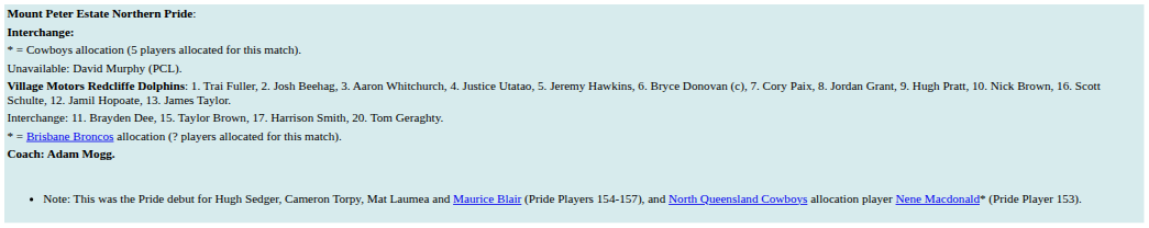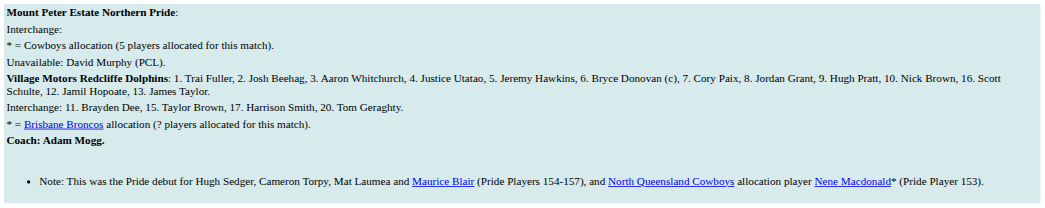 <table style="background:#d7ebed; font-size:85%; width:100%;">
 <tr>
 <td><strong>Mount Peter Estate Northern Pride</strong>:             </td>
 </tr>
 <tr>
-<td><strong>Interchange:    </strong></td>
+<td>Interchange:    </td>
 </tr>
 <tr>
 <td>* = Cowboys allocation (5 players allocated for this match).</td>
 </tr>
 <tr>
 <td>Unavailable: David Murphy (PCL).</td>
 </tr>
 <tr>
 <td><strong>Village Motors Redcliffe Dolphins</strong>: 1. Trai Fuller, 2. Josh Beehag, 3. Aaron Whitchurch, 4. Justice Utatao, 5. Jeremy Hawkins, 6. Bryce Donovan (c), 7. Cory Paix, 8. Jordan Grant, 9. Hugh Pratt, 10. Nick Brown, 16. Scott Schulte, 12. Jamil Hopoate, 13. James Taylor.</td>
 </tr>
 <tr>
 <td>Interchange: 11. Brayden Dee, 15. Taylor Brown, 17. Harrison Smith, 20. Tom Geraghty.</td>
 </tr>
 <tr>
 <td>* = <a href='#'>Brisbane Broncos</a> allocation (? players allocated for this match).</td>
 </tr>
 <tr>
 <td><strong>Coach: Adam Mogg.</strong></td>
 </tr>
 <tr>
 <td><br><ul><li>Note: This was the Pride debut for Hugh Sedger, Cameron Torpy, Mat Laumea and <a href='#'>Maurice Blair</a> (Pride Players 154-157), and <a href='#'>North Queensland Cowboys</a> allocation player <a href='#'>Nene Macdonald</a>* (Pride Player 153).</li></ul></td>
 </tr>
 <tr>
 </tr>
 </table>
